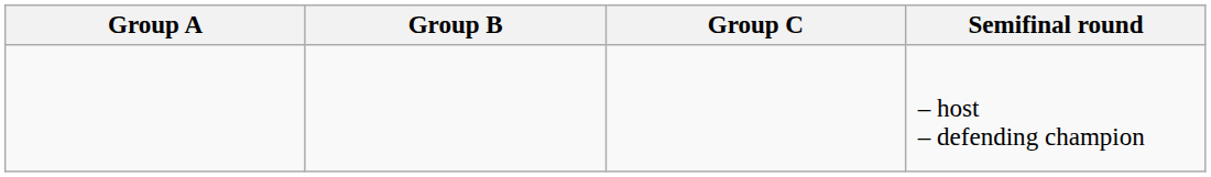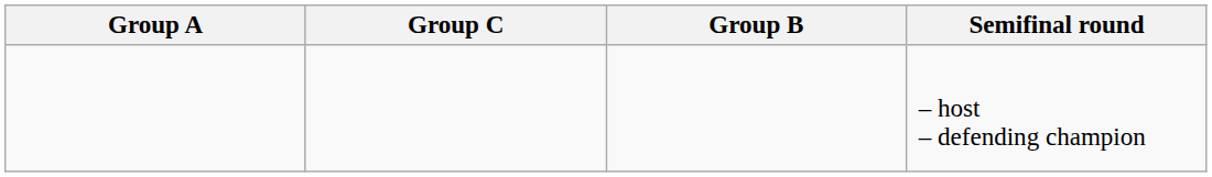 <table class="wikitable" width=60%>
 <tr>
 <th width=25%>Group A</th>
+<th width=25%>Group C</th>
 <th width=25%>Group B</th>
-<th width=25%>Group C</th>
 <th width=25%>Semifinal round</th>
 </tr>
 <tr>
 <td><br><br> <br> <br> </td>
 <td><br><br> <br> <br> </td>
 <td><br><br> <br> <br> </td>
 <td><br> – host<br>  – defending champion</td>
 </tr>
 </table>
